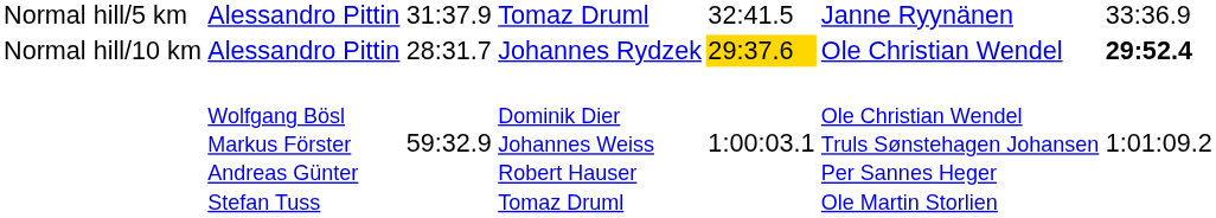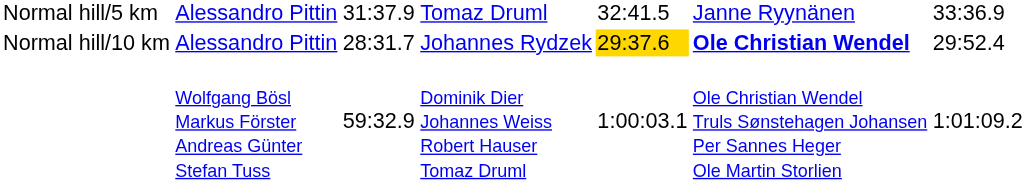 <table>
 <tr>
 <td>Normal hill/5 km</td>
 <td><a href='#'>Alessandro Pittin</a><br></td>
 <td>31:37.9</td>
 <td><a href='#'>Tomaz Druml</a><br></td>
 <td>32:41.5</td>
 <td><a href='#'>Janne Ryynänen</a><br></td>
 <td>33:36.9</td>
 </tr>
 <tr>
 <td>Normal hill/10 km</td>
 <td><a href='#'>Alessandro Pittin</a><br></td>
 <td>28:31.7</td>
 <td><a href='#'>Johannes Rydzek</a><br></td>
 <td style="background: gold;">29:37.6</td>
-<td><a href='#'>Ole Christian Wendel</a><br></td>
-<td><strong>29:52.4</strong></td>
+<td><strong><a href='#'>Ole Christian Wendel</a><br></strong></td>
+<td>29:52.4</td>
 </tr>
 <tr>
 <td></td>
 <td><br><small><a href='#'>Wolfgang Bösl</a><br><a href='#'>Markus Förster</a><br><a href='#'>Andreas Günter</a><br><a href='#'>Stefan Tuss</a></small></td>
 <td>59:32.9</td>
 <td><br><small><a href='#'>Dominik Dier</a><br><a href='#'>Johannes Weiss</a><br><a href='#'>Robert Hauser</a><br><a href='#'>Tomaz Druml</a></small></td>
 <td>1:00:03.1</td>
 <td><br><small><a href='#'>Ole Christian Wendel</a><br><a href='#'>Truls Sønstehagen Johansen</a><br><a href='#'>Per Sannes Heger</a><br><a href='#'>Ole Martin Storlien</a></small></td>
 <td>1:01:09.2</td>
 </tr>
 <tr>
 </tr>
 </table>
